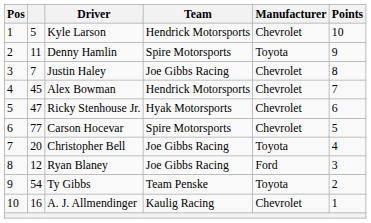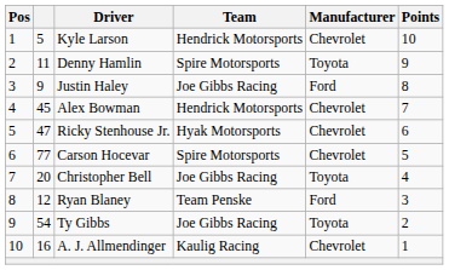 <table class="wikitable" style="font-size:98%">
 <tr>
 <th>Pos</th>
 <th></th>
 <th>Driver</th>
 <th>Team</th>
 <th>Manufacturer</th>
 <th>Points</th>
 </tr>
 <tr>
 <td>1</td>
 <td>5</td>
 <td>Kyle Larson</td>
 <td>Hendrick Motorsports</td>
 <td>Chevrolet</td>
 <td>10</td>
 </tr>
 <tr>
 <td>2</td>
 <td>11</td>
 <td>Denny Hamlin</td>
 <td>Spire Motorsports</td>
 <td>Toyota</td>
 <td>9</td>
 </tr>
 <tr>
 <td>3</td>
-<td>7</td>
+<td>9</td>
 <td>Justin Haley</td>
 <td>Joe Gibbs Racing</td>
-<td>Chevrolet</td>
+<td>Ford</td>
 <td>8</td>
 </tr>
 <tr>
 <td>4</td>
 <td>45</td>
 <td>Alex Bowman</td>
 <td>Hendrick Motorsports</td>
 <td>Chevrolet</td>
 <td>7</td>
 </tr>
 <tr>
 <td>5</td>
 <td>47</td>
 <td>Ricky Stenhouse Jr.</td>
 <td>Hyak Motorsports</td>
 <td>Chevrolet</td>
 <td>6</td>
 </tr>
 <tr>
 <td>6</td>
 <td>77</td>
 <td>Carson Hocevar</td>
 <td>Spire Motorsports</td>
 <td>Chevrolet</td>
 <td>5</td>
 </tr>
 <tr>
 <td>7</td>
 <td>20</td>
 <td>Christopher Bell</td>
 <td>Joe Gibbs Racing</td>
 <td>Toyota</td>
 <td>4</td>
 </tr>
 <tr>
 <td>8</td>
 <td>12</td>
 <td>Ryan Blaney</td>
-<td>Joe Gibbs Racing</td>
+<td>Team Penske</td>
 <td>Ford</td>
 <td>3</td>
 </tr>
 <tr>
 <td>9</td>
 <td>54</td>
 <td>Ty Gibbs</td>
-<td>Team Penske</td>
+<td>Joe Gibbs Racing</td>
 <td>Toyota</td>
 <td>2</td>
 </tr>
 <tr>
 <td>10</td>
 <td>16</td>
 <td>A. J. Allmendinger</td>
 <td>Kaulig Racing</td>
 <td>Chevrolet</td>
 <td>1</td>
 </tr>
 <tr>
 <th colspan="6"></th>
 </tr>
 </table>
